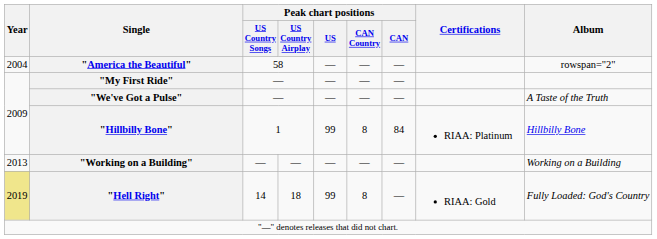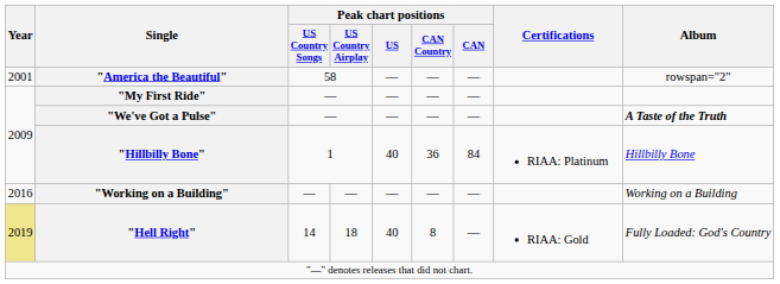 <table class="wikitable plainrowheaders" style="text-align:center;">
 <tr>
 <th rowspan="2">Year</th>
 <th rowspan="2" style="width:20em;">Single</th>
 <th colspan="5">Peak chart positions</th>
 <th rowspan="2" style="width:10em;"><a href='#'>Certifications</a></th>
 <th rowspan="2">Album</th>
 </tr>
 <tr style="font-size:smaller;">
 <th width="45"><a href='#'>US Country Songs</a><br></th>
 <th width="45"><a href='#'>US Country Airplay</a><br></th>
 <th width="45"><a href='#'>US</a><br></th>
 <th width="45"><a href='#'>CAN Country</a><br></th>
 <th width="45"><a href='#'>CAN</a><br></th>
 </tr>
 <tr>
-<td>2004</td>
+<td>2001</td>
 <th scope="row">"<a href='#'>America the Beautiful</a>"</th>
 <td colspan="2">58</td>
 <td>—</td>
 <td>—</td>
 <td>—</td>
 <td></td>
 <td>rowspan="2" </td>
 </tr>
 <tr>
 <td rowspan="3">2009</td>
 <th scope="row">"My First Ride"<br></th>
 <td colspan="2">—</td>
 <td>—</td>
 <td>—</td>
 <td>—</td>
 <td></td>
 </tr>
 <tr>
 <th scope="row">"We've Got a Pulse"<br></th>
 <td colspan="2">—</td>
 <td>—</td>
 <td>—</td>
 <td>—</td>
 <td></td>
-<td align="left"><em>A Taste of the Truth</em></td>
+<td align="left"><strong><em>A Taste of the Truth</em></strong></td>
 </tr>
 <tr>
 <th scope="row">"<a href='#'>Hillbilly Bone</a>"<br></th>
 <td colspan="2">1</td>
-<td>99</td>
-<td>8</td>
+<td>40</td>
+<td>36</td>
 <td>84</td>
 <td align="left"><br><ul><li>RIAA: Platinum</li></ul></td>
 <td align="left"><em><a href='#'>Hillbilly Bone</a></em></td>
 </tr>
 <tr>
-<td>2013</td>
+<td>2016</td>
 <th scope="row">"Working on a Building"<br></th>
 <td>—</td>
 <td>—</td>
 <td>—</td>
 <td>—</td>
 <td>—</td>
 <td></td>
 <td align="left"><em>Working on a Building</em></td>
 </tr>
 <tr>
 <td style="background: khaki;">2019</td>
 <th scope="row">"<a href='#'>Hell Right</a>"<br></th>
 <td>14</td>
 <td>18</td>
-<td>99</td>
+<td>40</td>
 <td>8</td>
 <td>—</td>
 <td align="left"><br><ul><li>RIAA: Gold</li></ul></td>
 <td align="left"><em>Fully Loaded: God's Country</em></td>
 </tr>
 <tr>
 <td colspan="9" style="font-size:85%">"—" denotes releases that did not chart.</td>
 </tr>
 </table>
